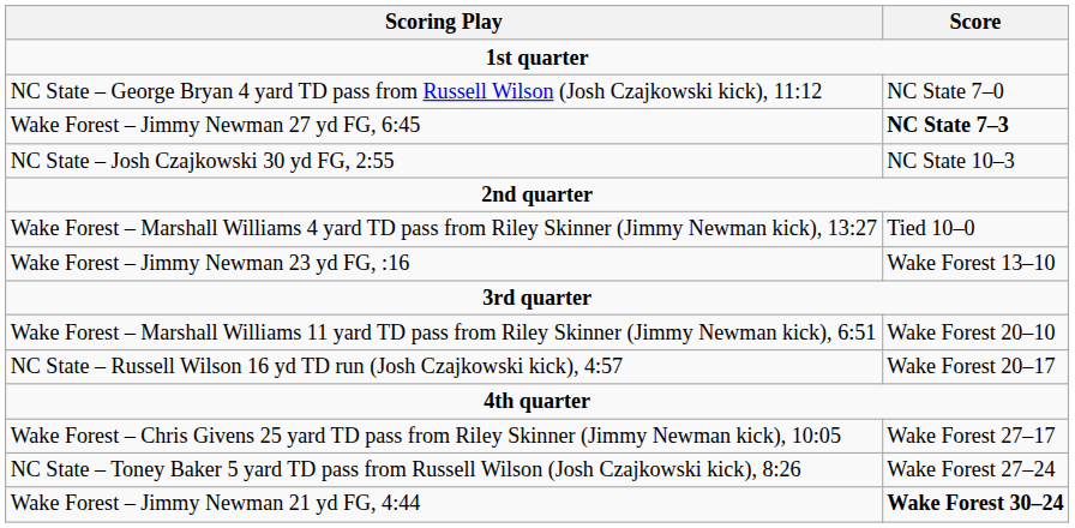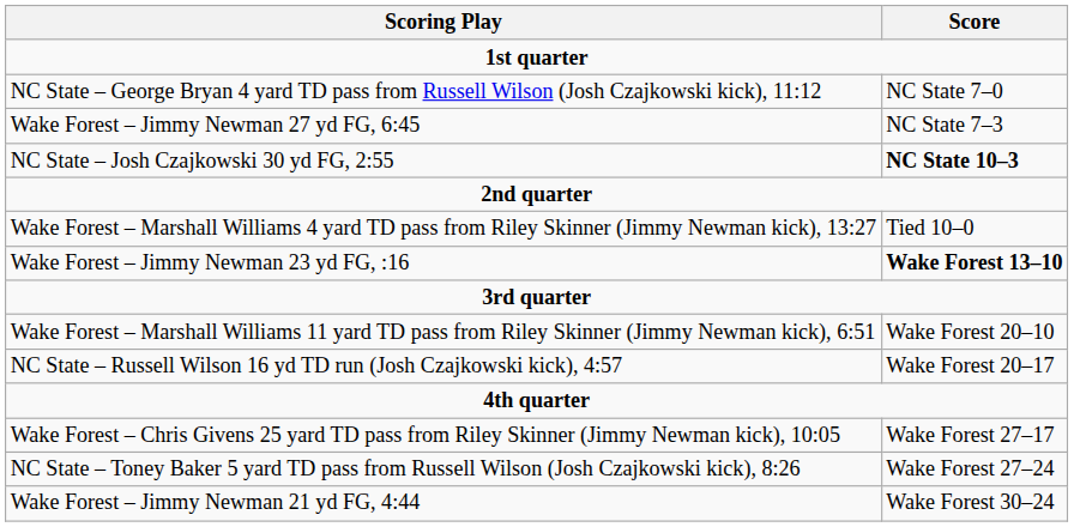 <table class="wikitable">
 <tr>
 <th>Scoring Play</th>
 <th>Score</th>
 </tr>
 <tr>
 <td colspan="4" align="center"><strong>1st quarter</strong></td>
 </tr>
 <tr>
 <td>NC State – George Bryan 4 yard TD pass from <a href='#'>Russell Wilson</a> (Josh Czajkowski kick), 11:12</td>
 <td>NC State 7–0</td>
 </tr>
 <tr>
 <td>Wake Forest – Jimmy Newman 27 yd FG, 6:45</td>
-<td><strong>NC State 7–3</strong></td>
+<td>NC State 7–3</td>
 </tr>
 <tr>
 <td>NC State – Josh Czajkowski 30 yd FG, 2:55</td>
-<td>NC State 10–3</td>
+<td><strong>NC State 10–3</strong></td>
 </tr>
 <tr>
 <td colspan="4" align="center"><strong>2nd quarter</strong></td>
 </tr>
 <tr>
 <td>Wake Forest – Marshall Williams 4 yard TD pass from Riley Skinner (Jimmy Newman kick), 13:27</td>
 <td>Tied 10–0</td>
 </tr>
 <tr>
 <td>Wake Forest – Jimmy Newman 23 yd FG, :16</td>
-<td>Wake Forest 13–10</td>
+<td><strong>Wake Forest 13–10</strong></td>
 </tr>
 <tr>
 <td colspan="6" align="center"><strong>3rd quarter</strong></td>
 </tr>
 <tr>
 <td>Wake Forest – Marshall Williams 11 yard TD pass from Riley Skinner (Jimmy Newman kick), 6:51</td>
 <td>Wake Forest 20–10</td>
 </tr>
 <tr>
 <td>NC State – Russell Wilson 16 yd TD run (Josh Czajkowski kick), 4:57</td>
 <td>Wake Forest 20–17</td>
 </tr>
 <tr>
 <td colspan="6" align="center"><strong>4th quarter</strong></td>
 </tr>
 <tr>
 <td>Wake Forest – Chris Givens 25 yard TD pass from Riley Skinner (Jimmy Newman kick), 10:05</td>
 <td>Wake Forest 27–17</td>
 </tr>
 <tr>
 <td>NC State – Toney Baker 5 yard TD pass from Russell Wilson (Josh Czajkowski kick), 8:26</td>
 <td>Wake Forest 27–24</td>
 </tr>
 <tr>
 <td>Wake Forest – Jimmy Newman 21 yd FG, 4:44</td>
-<td><strong>Wake Forest 30–24</strong></td>
+<td>Wake Forest 30–24</td>
 </tr>
 </table>
